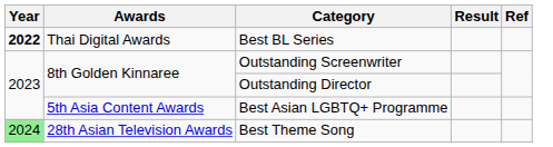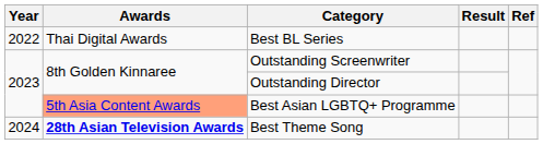 <table class="wikitable">
 <tr>
 <th>Year</th>
 <th>Awards</th>
 <th>Category</th>
 <th>Result</th>
 <th>Ref</th>
 </tr>
 <tr>
-<td><strong>2022</strong></td>
+<td>2022</td>
 <td>Thai Digital Awards</td>
 <td>Best BL Series</td>
 <td></td>
 <td></td>
 </tr>
 <tr>
 <td rowspan="3">2023</td>
 <td rowspan="2">8th Golden Kinnaree</td>
 <td>Outstanding Screenwriter</td>
 <td></td>
 <td rowspan="2"></td>
 </tr>
 <tr>
 <td>Outstanding Director</td>
 <td></td>
 </tr>
 <tr>
-<td><a href='#'>5th Asia Content Awards</a></td>
+<td style="background: lightsalmon;"><a href='#'>5th Asia Content Awards</a></td>
 <td>Best Asian LGBTQ+ Programme</td>
 <td></td>
 <td></td>
 </tr>
 <tr>
-<td style="background: lightgreen;">2024</td>
-<td><a href='#'>28th Asian Television Awards</a></td>
+<td>2024</td>
+<td><strong><a href='#'>28th Asian Television Awards</a></strong></td>
 <td>Best Theme Song</td>
 <td></td>
 <td></td>
 </tr>
 </table>
